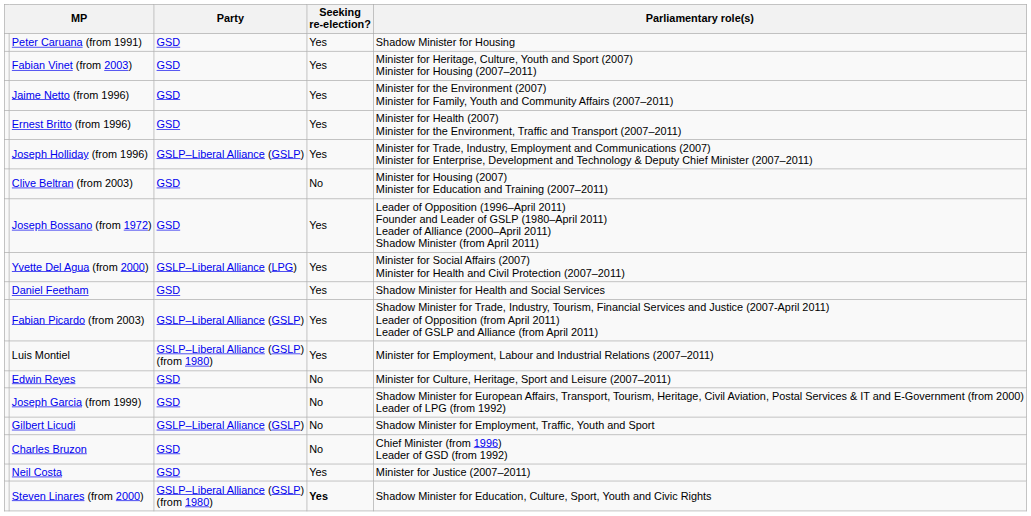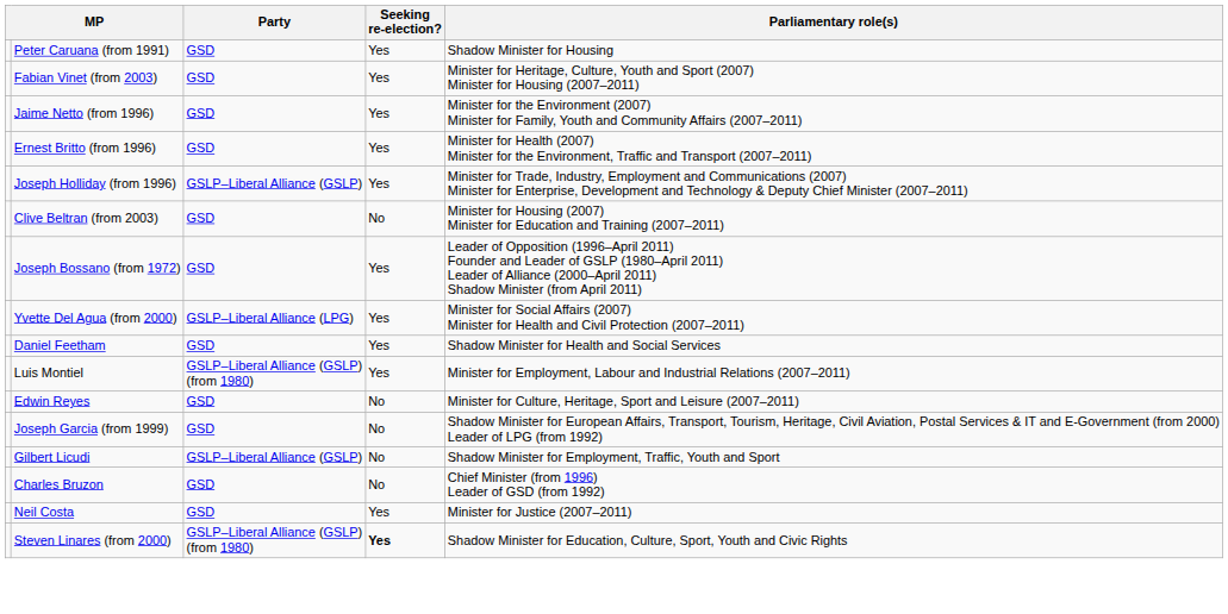 <table class=wikitable>
 <tr>
 <th colspan=2>MP</th>
 <th>Party</th>
 <th>Seeking<br>re-election?</th>
 <th>Parliamentary role(s)</th>
 </tr>
 <tr>
 <td style="background-color: "></td>
 <td><a href='#'>Peter Caruana</a> (from 1991)</td>
 <td><a href='#'>GSD</a></td>
 <td>Yes</td>
 <td>Shadow Minister for Housing</td>
 </tr>
 <tr>
 <td style="background-color: "></td>
 <td><a href='#'>Fabian Vinet</a> (from <a href='#'>2003</a>)</td>
 <td><a href='#'>GSD</a></td>
 <td>Yes</td>
 <td>Minister for Heritage, Culture, Youth and Sport (2007)<br>Minister for Housing (2007–2011)</td>
 </tr>
 <tr>
 <td style="background-color: "></td>
 <td><a href='#'>Jaime Netto</a> (from 1996)</td>
 <td><a href='#'>GSD</a></td>
 <td>Yes</td>
 <td>Minister for the Environment (2007)<br>Minister for Family, Youth and Community Affairs (2007–2011)</td>
 </tr>
 <tr>
 <td style="background-color: "></td>
 <td><a href='#'>Ernest Britto</a> (from 1996)</td>
 <td><a href='#'>GSD</a></td>
 <td>Yes</td>
 <td>Minister for Health (2007)<br>Minister for the Environment, Traffic and Transport (2007–2011)<br></td>
 </tr>
 <tr>
 <td style="background-color: "></td>
 <td><a href='#'>Joseph Holliday</a> (from 1996)</td>
 <td><a href='#'>GSLP–Liberal Alliance</a> (<a href='#'>GSLP</a>)</td>
 <td>Yes</td>
 <td>Minister for Trade, Industry, Employment and Communications (2007)<br>Minister for Enterprise, Development and Technology & Deputy Chief Minister (2007–2011)</td>
 </tr>
 <tr>
 <td style="background-color: "></td>
 <td><a href='#'>Clive Beltran</a> (from 2003)</td>
 <td><a href='#'>GSD</a></td>
 <td>No</td>
 <td>Minister for Housing (2007)<br>Minister for Education and Training (2007–2011)</td>
 </tr>
 <tr>
 <td style="background-color: "></td>
 <td><a href='#'>Joseph Bossano</a> (from <a href='#'>1972</a>)</td>
 <td><a href='#'>GSD</a></td>
 <td>Yes</td>
 <td>Leader of Opposition (1996–April 2011)<br>Founder and Leader of GSLP (1980–April 2011)<br>Leader of Alliance (2000–April 2011)<br>Shadow Minister (from April 2011)</td>
 </tr>
 <tr>
 <td style="background-color: "></td>
 <td><a href='#'>Yvette Del Agua</a> (from <a href='#'>2000</a>)</td>
 <td><a href='#'>GSLP–Liberal Alliance</a> (<a href='#'>LPG</a>)</td>
 <td>Yes</td>
 <td>Minister for Social Affairs (2007)<br>Minister for Health and Civil Protection (2007–2011)</td>
 </tr>
 <tr>
 <td style="background-color: "></td>
 <td><a href='#'>Daniel Feetham</a></td>
 <td><a href='#'>GSD</a></td>
 <td>Yes</td>
 <td>Shadow Minister for Health and Social Services</td>
 </tr>
 <tr>
 <td style="background-color: "></td>
-<td><a href='#'>Fabian Picardo</a> (from 2003)</td>
-<td><a href='#'>GSLP–Liberal Alliance</a> (<a href='#'>GSLP</a>)</td>
-<td>Yes</td>
-<td>Shadow Minister for Trade, Industry, Tourism, Financial Services and Justice (2007-April 2011)<br>Leader of Opposition (from April 2011)<br>Leader of GSLP and Alliance (from April 2011)</td>
-</tr>
-<tr>
-<td style="background-color: "></td>
 <td>Luis Montiel</td>
 <td><a href='#'>GSLP–Liberal Alliance</a> (<a href='#'>GSLP</a>)<br>(from <a href='#'>1980</a>)</td>
 <td>Yes</td>
 <td>Minister for Employment, Labour and Industrial Relations (2007–2011)</td>
 </tr>
 <tr>
 <td style="background-color: "></td>
 <td><a href='#'>Edwin Reyes</a></td>
 <td><a href='#'>GSD</a></td>
 <td>No</td>
 <td>Minister for Culture, Heritage, Sport and Leisure (2007–2011)</td>
 </tr>
 <tr>
 <td style="background-color: "></td>
 <td><a href='#'>Joseph Garcia</a> (from 1999)</td>
 <td><a href='#'>GSD</a></td>
 <td>No</td>
 <td>Shadow Minister for European Affairs, Transport, Tourism, Heritage, Civil Aviation, Postal Services & IT and E-Government (from 2000)<br>Leader of LPG (from 1992)</td>
 </tr>
 <tr>
 <td style="background-color: "></td>
 <td><a href='#'>Gilbert Licudi</a></td>
 <td><a href='#'>GSLP–Liberal Alliance</a> (<a href='#'>GSLP</a>)</td>
 <td>No</td>
 <td>Shadow Minister for Employment, Traffic, Youth and Sport</td>
 </tr>
 <tr>
 <td style="background-color: "></td>
 <td><a href='#'>Charles Bruzon</a></td>
 <td><a href='#'>GSD</a></td>
 <td>No</td>
 <td>Chief Minister (from <a href='#'>1996</a>)<br>Leader of GSD (from 1992)</td>
 </tr>
 <tr>
 <td style="background-color: "></td>
 <td><a href='#'>Neil Costa</a></td>
 <td><a href='#'>GSD</a></td>
 <td>Yes</td>
 <td>Minister for Justice (2007–2011)</td>
 </tr>
 <tr>
 <td style="background-color: "></td>
 <td><a href='#'>Steven Linares</a> (from <a href='#'>2000</a>)</td>
 <td><a href='#'>GSLP–Liberal Alliance</a> (<a href='#'>GSLP</a>)<br>(from <a href='#'>1980</a>)</td>
 <td><strong>Yes</strong></td>
 <td>Shadow Minister for Education, Culture, Sport, Youth and Civic Rights</td>
 </tr>
 </table>
